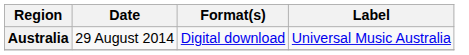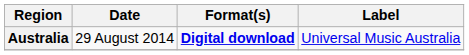 <table class="wikitable plainrowheaders">
 <tr>
 <th scope="col">Region</th>
 <th scope="col">Date</th>
 <th scope="col">Format(s)</th>
 <th scope="col">Label</th>
 </tr>
 <tr>
 <th scope="row">Australia</th>
 <td>29 August 2014</td>
-<td><a href='#'>Digital download</a></td>
+<td><strong><a href='#'>Digital download</a></strong></td>
 <td><a href='#'>Universal Music Australia</a></td>
 </tr>
 <tr>
 </tr>
 </table>
